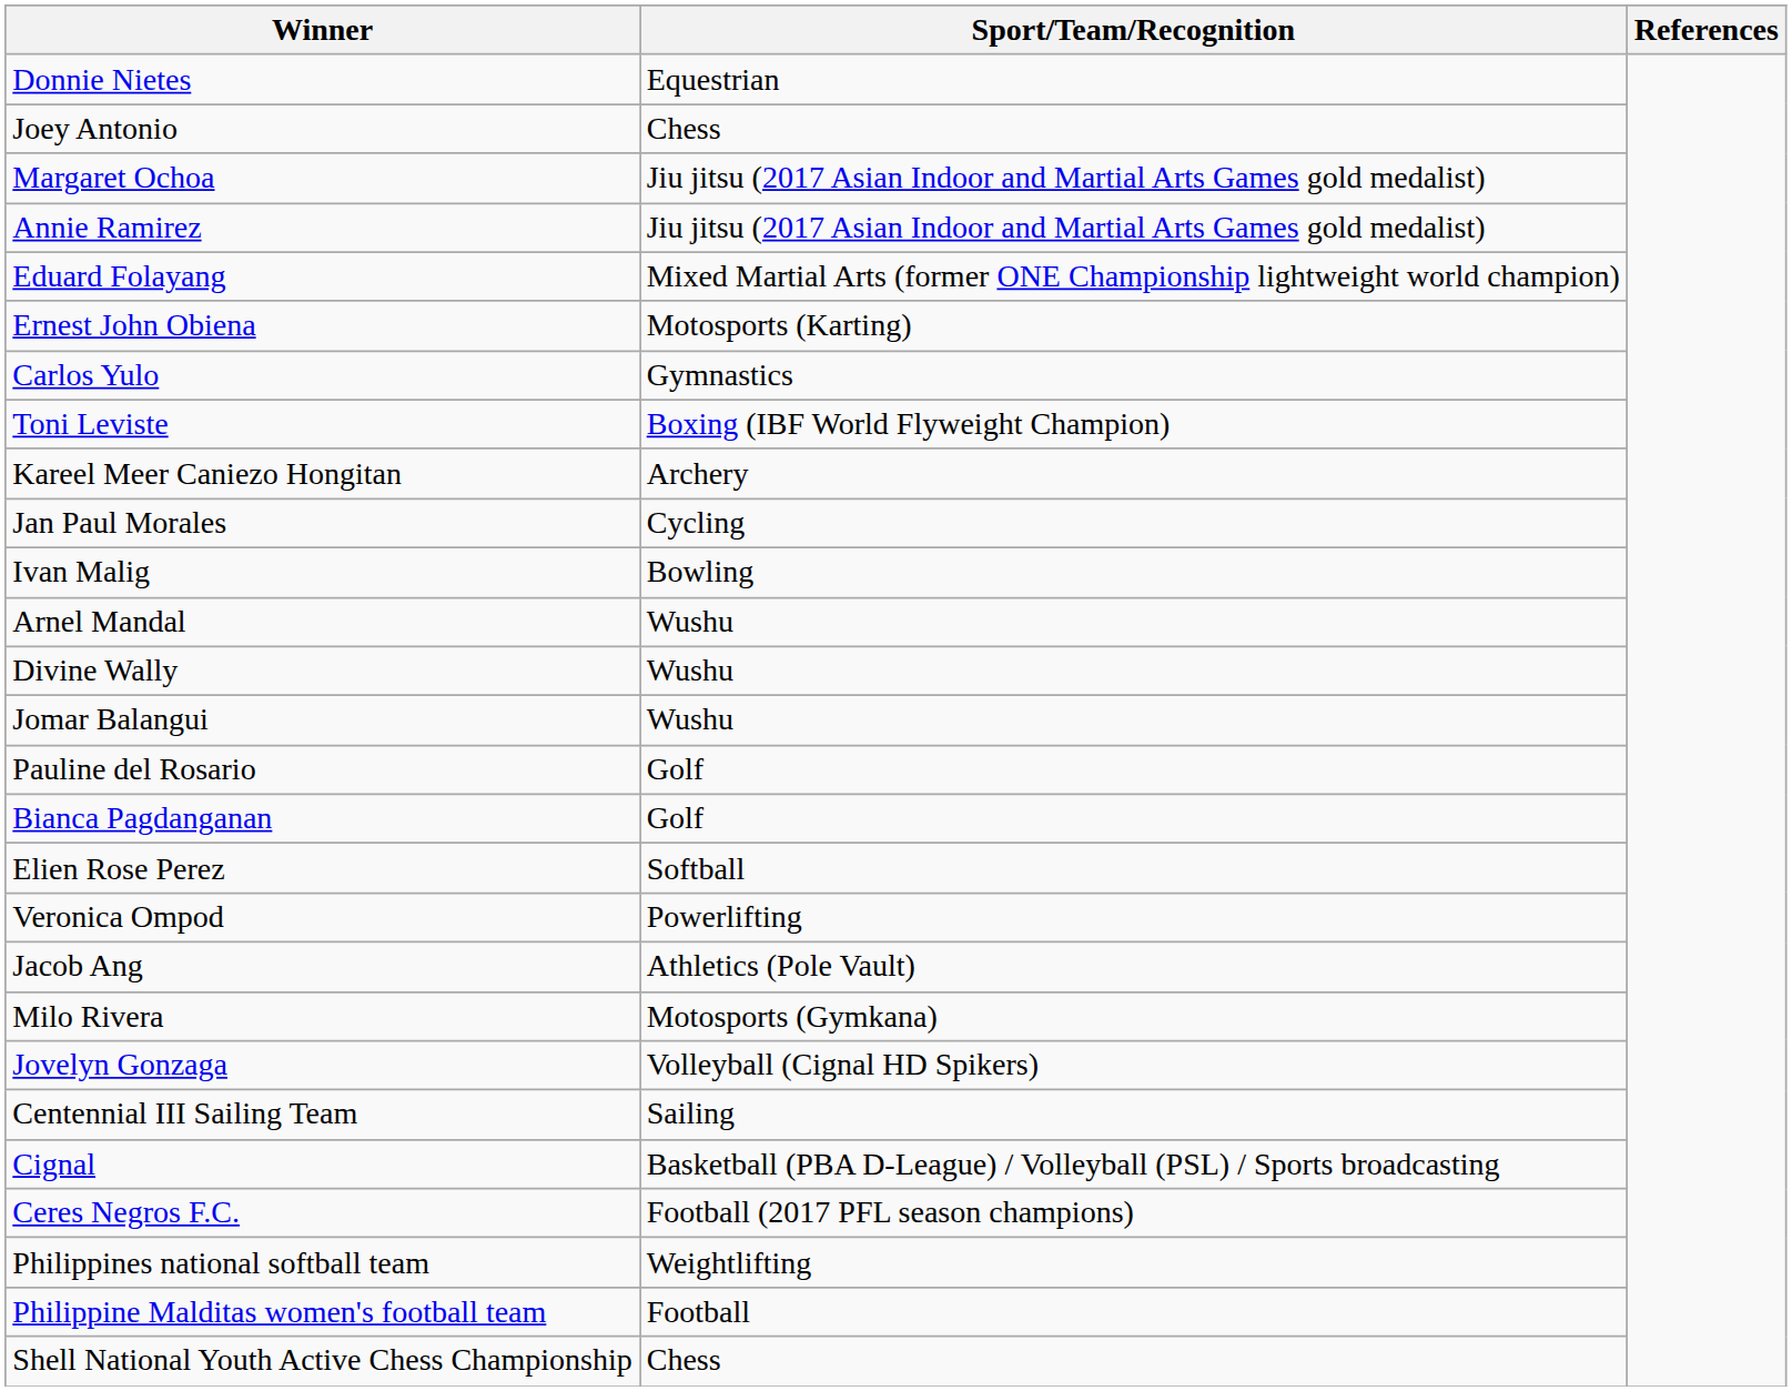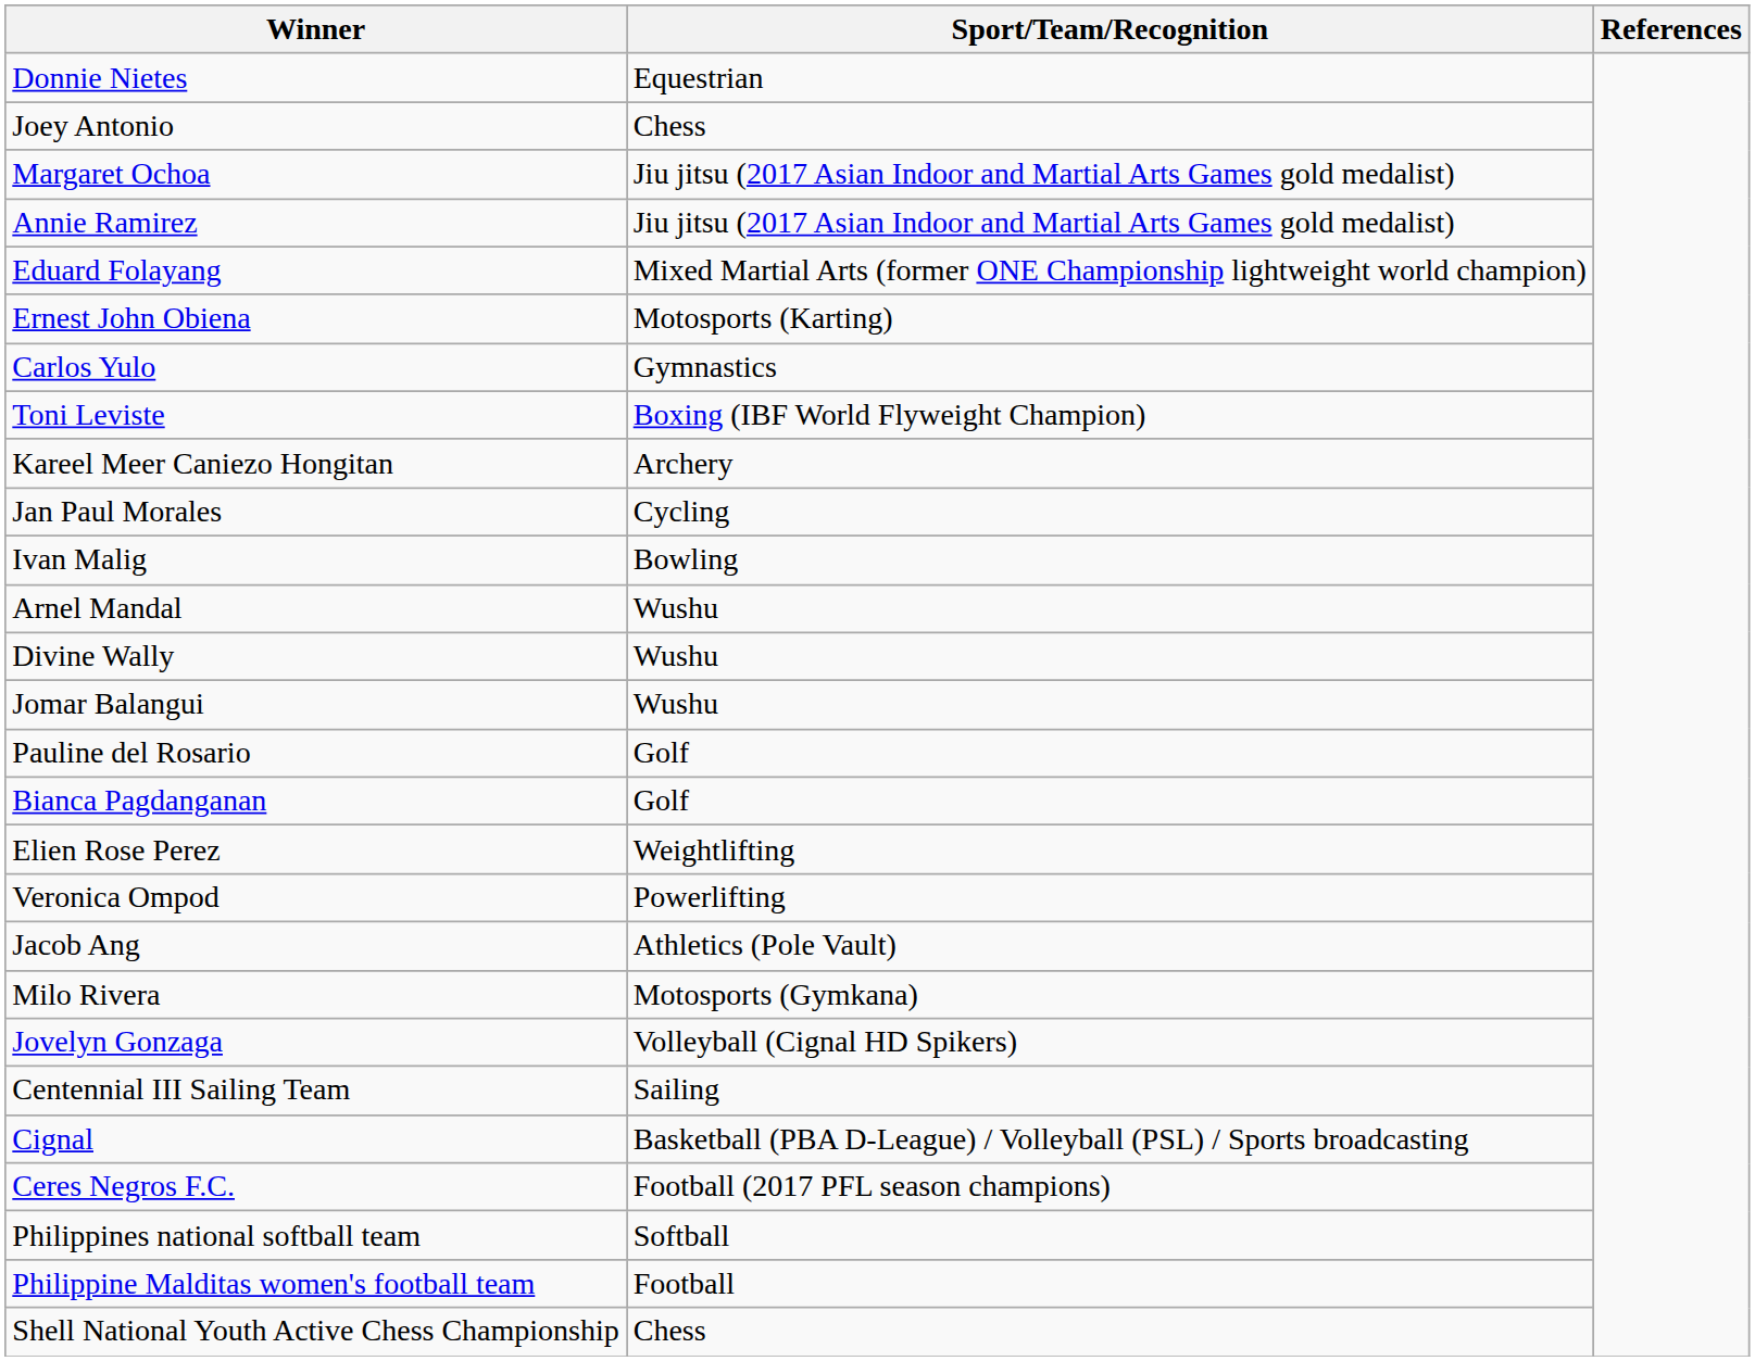 <table class="wikitable">
 <tr>
 <th>Winner</th>
 <th>Sport/Team/Recognition</th>
 <th>References</th>
 </tr>
 <tr>
 <td><a href='#'>Donnie Nietes</a></td>
 <td>Equestrian</td>
 <td rowspan=27></td>
 </tr>
 <tr>
 <td>Joey Antonio</td>
 <td>Chess</td>
 </tr>
 <tr>
 <td><a href='#'>Margaret Ochoa</a></td>
 <td>Jiu jitsu (<a href='#'>2017 Asian Indoor and Martial Arts Games</a> gold medalist)</td>
 </tr>
 <tr>
 <td><a href='#'>Annie Ramirez</a></td>
 <td>Jiu jitsu (<a href='#'>2017 Asian Indoor and Martial Arts Games</a> gold medalist)</td>
 </tr>
 <tr>
 <td><a href='#'>Eduard Folayang</a></td>
 <td>Mixed Martial Arts (former <a href='#'>ONE Championship</a> lightweight world champion)</td>
 </tr>
 <tr>
 <td><a href='#'>Ernest John Obiena</a></td>
 <td>Motosports (Karting)</td>
 </tr>
 <tr>
 <td><a href='#'>Carlos Yulo</a></td>
 <td>Gymnastics</td>
 </tr>
 <tr>
 <td><a href='#'>Toni Leviste</a></td>
 <td><a href='#'>Boxing</a> (IBF World Flyweight Champion)</td>
 </tr>
 <tr>
 <td>Kareel Meer Caniezo Hongitan</td>
 <td>Archery</td>
 </tr>
 <tr>
 <td>Jan Paul Morales</td>
 <td>Cycling</td>
 </tr>
 <tr>
 <td>Ivan Malig</td>
 <td>Bowling</td>
 </tr>
 <tr>
 <td>Arnel Mandal</td>
 <td>Wushu</td>
 </tr>
 <tr>
 <td>Divine Wally</td>
 <td>Wushu</td>
 </tr>
 <tr>
 <td>Jomar Balangui</td>
 <td>Wushu</td>
 </tr>
 <tr>
 <td>Pauline del Rosario</td>
 <td>Golf</td>
 </tr>
 <tr>
 <td><a href='#'>Bianca Pagdanganan</a></td>
 <td>Golf</td>
 </tr>
 <tr>
 <td>Elien Rose Perez</td>
-<td>Softball</td>
+<td>Weightlifting</td>
 </tr>
 <tr>
 <td>Veronica Ompod</td>
 <td>Powerlifting</td>
 </tr>
 <tr>
 <td>Jacob Ang</td>
 <td>Athletics (Pole Vault)</td>
 </tr>
 <tr>
 <td>Milo Rivera</td>
 <td>Motosports (Gymkana)</td>
 </tr>
 <tr>
 <td><a href='#'>Jovelyn Gonzaga</a></td>
 <td>Volleyball (Cignal HD Spikers)</td>
 </tr>
 <tr>
 <td>Centennial III Sailing Team</td>
 <td>Sailing</td>
 </tr>
 <tr>
 <td><a href='#'>Cignal</a></td>
 <td>Basketball (PBA D-League) / Volleyball (PSL) / Sports broadcasting</td>
 </tr>
 <tr>
 <td><a href='#'>Ceres Negros F.C.</a></td>
 <td>Football (2017 PFL season champions)</td>
 </tr>
 <tr>
 <td>Philippines national softball team</td>
-<td>Weightlifting</td>
+<td>Softball</td>
 </tr>
 <tr>
 <td><a href='#'>Philippine Malditas women's football team</a></td>
 <td>Football</td>
 </tr>
 <tr>
 <td>Shell National Youth Active Chess Championship</td>
 <td>Chess</td>
 </tr>
 </table>
